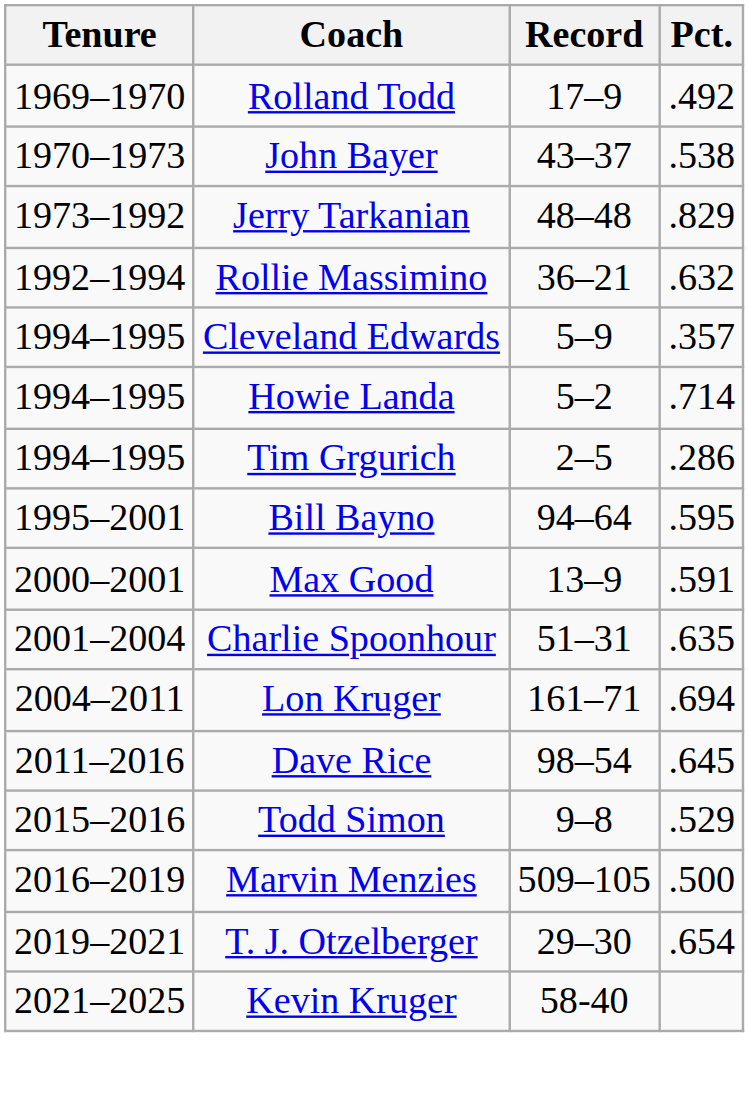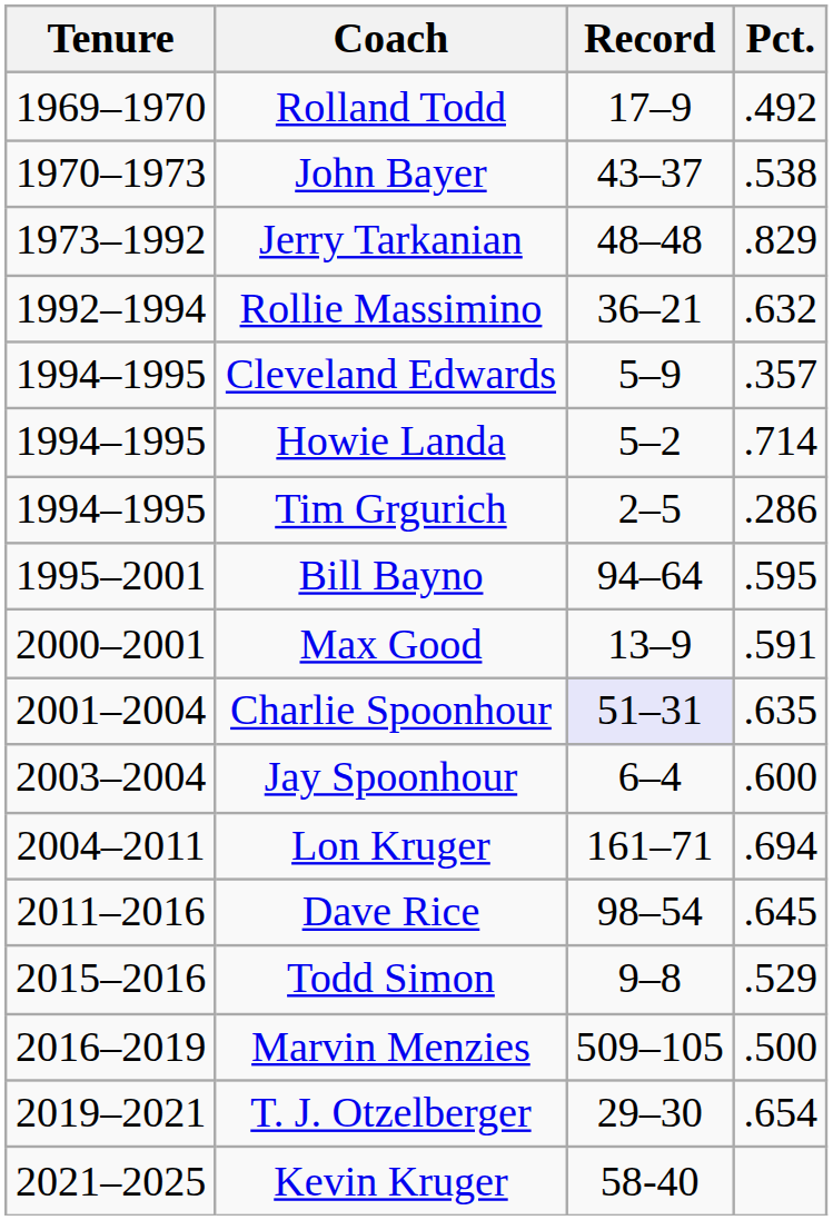 <table class="wikitable sortable" style="text-align:center">
 <tr>
 <th>Tenure</th>
 <th>Coach</th>
 <th>Record</th>
 <th>Pct.</th>
 </tr>
 <tr>
 <td>1969–1970</td>
 <td><a href='#'>Rolland Todd</a></td>
 <td>17–9</td>
 <td>.492</td>
 </tr>
 <tr>
 <td>1970–1973</td>
 <td><a href='#'>John Bayer</a></td>
 <td>43–37</td>
 <td>.538</td>
 </tr>
 <tr>
 <td>1973–1992</td>
 <td><a href='#'>Jerry Tarkanian</a></td>
 <td>48–48</td>
 <td>.829</td>
 </tr>
 <tr>
 <td>1992–1994</td>
 <td><a href='#'>Rollie Massimino</a></td>
 <td>36–21</td>
 <td>.632</td>
 </tr>
 <tr>
 <td>1994–1995</td>
 <td><a href='#'>Cleveland Edwards</a></td>
 <td>5–9</td>
 <td>.357</td>
 </tr>
 <tr>
 <td>1994–1995</td>
 <td><a href='#'>Howie Landa</a></td>
 <td>5–2</td>
 <td>.714</td>
 </tr>
 <tr>
 <td>1994–1995</td>
 <td><a href='#'>Tim Grgurich</a></td>
 <td>2–5</td>
 <td>.286</td>
 </tr>
 <tr>
 <td>1995–2001</td>
 <td><a href='#'>Bill Bayno</a></td>
 <td>94–64</td>
 <td>.595</td>
 </tr>
 <tr>
 <td>2000–2001</td>
 <td><a href='#'>Max Good</a></td>
 <td>13–9</td>
 <td>.591</td>
 </tr>
 <tr>
 <td>2001–2004</td>
 <td><a href='#'>Charlie Spoonhour</a></td>
-<td>51–31</td>
+<td style="background: lavender;">51–31</td>
 <td>.635</td>
+</tr>
+<tr>
+<td>2003–2004</td>
+<td><a href='#'>Jay Spoonhour</a></td>
+<td>6–4</td>
+<td>.600</td>
 </tr>
 <tr>
 <td>2004–2011</td>
 <td><a href='#'>Lon Kruger</a></td>
 <td>161–71</td>
 <td>.694</td>
 </tr>
 <tr>
 <td>2011–2016</td>
 <td><a href='#'>Dave Rice</a></td>
 <td>98–54</td>
 <td>.645</td>
 </tr>
 <tr>
 <td>2015–2016</td>
 <td><a href='#'>Todd Simon</a></td>
 <td>9–8</td>
 <td>.529</td>
 </tr>
 <tr>
 <td>2016–2019</td>
 <td><a href='#'>Marvin Menzies</a></td>
 <td>509–105</td>
 <td>.500</td>
 </tr>
 <tr>
 <td>2019–2021</td>
 <td><a href='#'>T. J. Otzelberger</a></td>
 <td>29–30</td>
 <td>.654</td>
 </tr>
 <tr>
 <td>2021–2025</td>
 <td><a href='#'>Kevin Kruger</a></td>
 <td>58-40</td>
 <td></td>
 </tr>
 </table>
